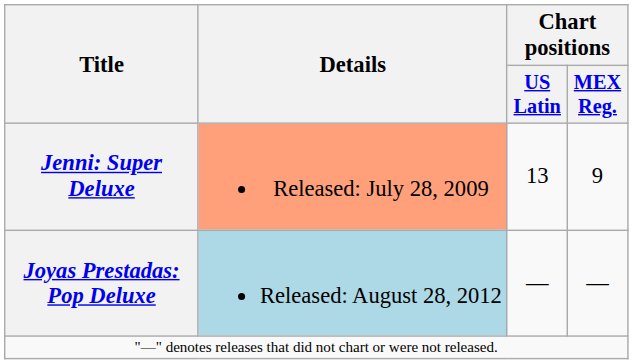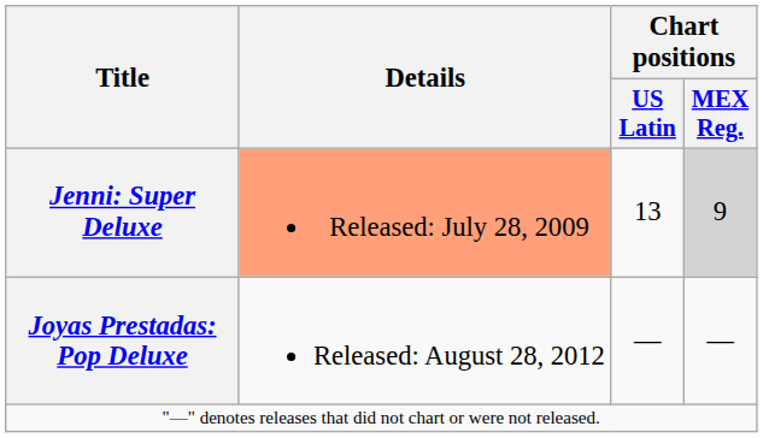 <table class="wikitable plainrowheaders" style="text-align:center;">
 <tr>
 <th rowspan="2" width="130">Title</th>
 <th rowspan="2">Details</th>
 <th colspan="4">Chart positions</th>
 </tr>
 <tr>
 <th scope="col" style="width:2.5em;font-size:90%;"><a href='#'>US<br>Latin</a><br></th>
 <th scope="col" style="width:2.5em;font-size:90%;"><a href='#'>MEX<br>Reg.</a><br></th>
 </tr>
 <tr>
 <th scope="row"><em><a href='#'>Jenni: Super Deluxe</a></em></th>
 <td style="background: lightsalmon;"><br><ul><li>Released: July 28, 2009</li></ul></td>
 <td>13</td>
-<td>9</td>
+<td style="background: lightgrey;">9</td>
 </tr>
 <tr>
 <th scope="row"><em><a href='#'>Joyas Prestadas: Pop Deluxe</a></em></th>
-<td style="background: lightblue;"><br><ul><li>Released: August 28, 2012</li></ul></td>
+<td><br><ul><li>Released: August 28, 2012</li></ul></td>
 <td>—</td>
 <td>—</td>
 </tr>
 <tr>
 <td colspan="6" style="font-size: 8pt" align=center>"—" denotes releases that did not chart or were not released.</td>
 </tr>
 </table>
